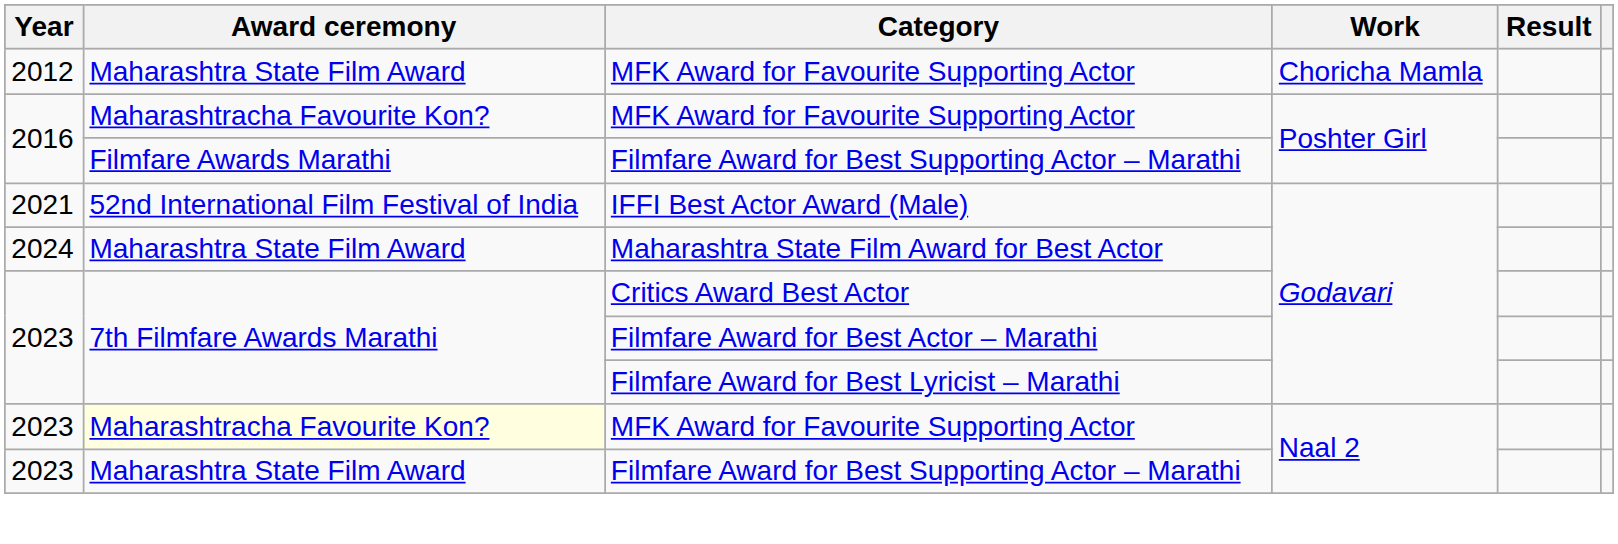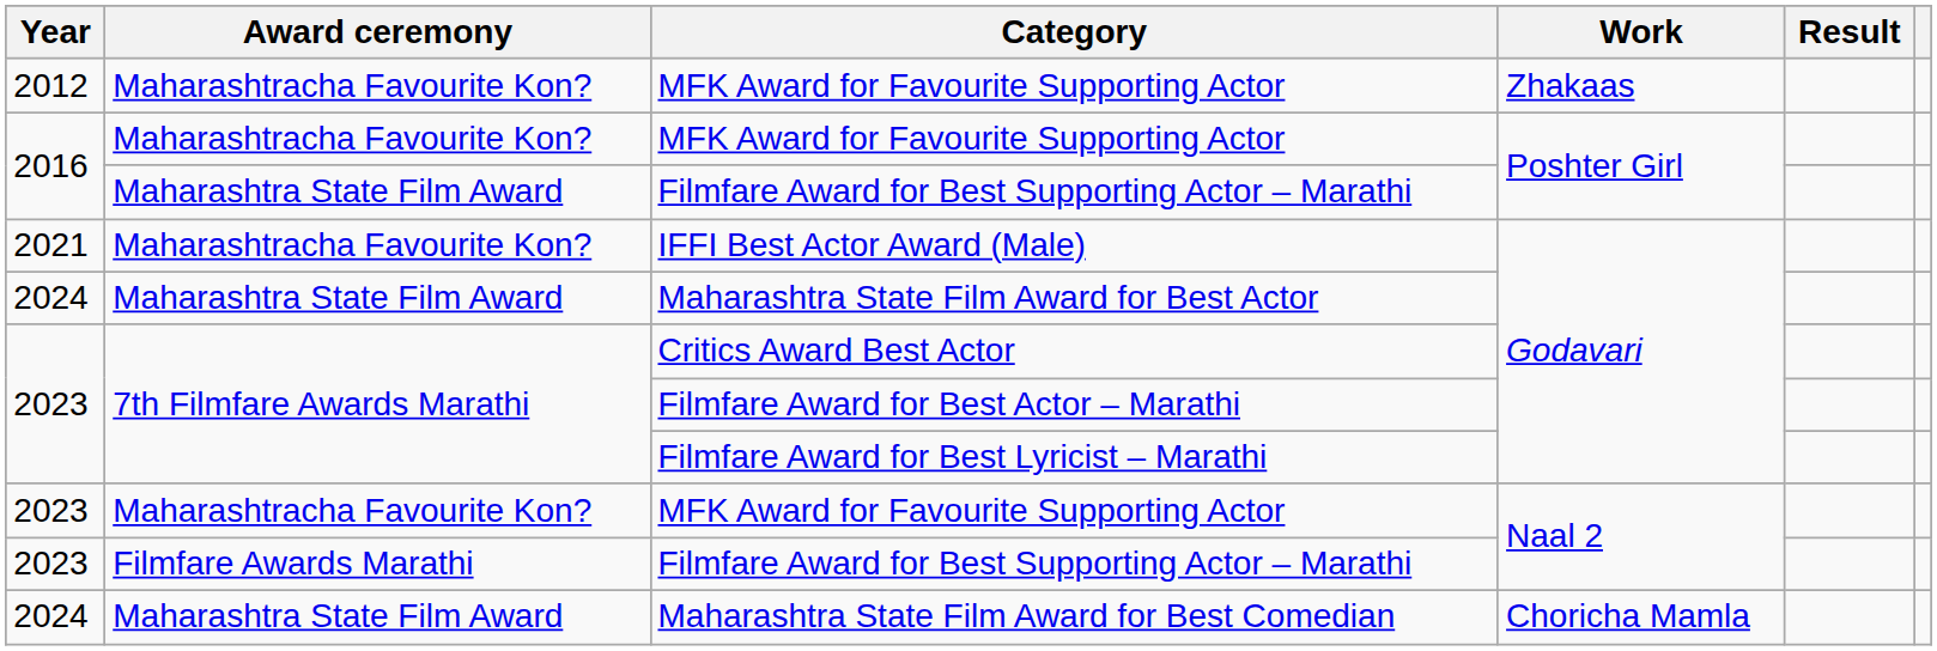 <table class="wikitable sortable plainrowheaders" style="width: 72.8%">
 <tr style="background:#ccc; text-align:center;">
 <th scope="col">Year</th>
 <th scope="col">Award ceremony</th>
 <th scope="col">Category</th>
 <th scope="col">Work</th>
 <th scope="col">Result</th>
 <th scope="col" class="unsortable"></th>
 </tr>
 <tr>
 <td>2012</td>
-<td><a href='#'>Maharashtra State Film Award</a></td>
+<td><a href='#'>Maharashtracha Favourite Kon?</a></td>
 <td><a href='#'>MFK Award for Favourite Supporting Actor</a></td>
-<td><a href='#'>Choricha Mamla</a></td>
+<td><a href='#'>Zhakaas</a></td>
 <td></td>
 <td></td>
 </tr>
 <tr>
 <td Rowspan ="2">2016</td>
 <td><a href='#'>Maharashtracha Favourite Kon?</a></td>
 <td><a href='#'>MFK Award for Favourite Supporting Actor</a></td>
 <td Rowspan="2"><a href='#'>Poshter Girl</a></td>
 <td></td>
 <td></td>
 </tr>
 <tr>
-<td><a href='#'>Filmfare Awards Marathi</a></td>
+<td><a href='#'>Maharashtra State Film Award</a></td>
 <td><a href='#'>Filmfare Award for Best Supporting Actor – Marathi</a></td>
 <td></td>
 <td></td>
 </tr>
 <tr>
 <td>2021</td>
-<td><a href='#'>52nd International Film Festival of India</a></td>
+<td><a href='#'>Maharashtracha Favourite Kon?</a></td>
 <td><a href='#'>IFFI Best Actor Award (Male)</a></td>
 <td Rowspan="5"><em><a href='#'>Godavari</a></em></td>
 <td></td>
 <td></td>
 </tr>
 <tr>
 <td>2024</td>
 <td><a href='#'>Maharashtra State Film Award</a></td>
 <td><a href='#'>Maharashtra State Film Award for Best Actor</a></td>
 <td></td>
 <td></td>
 </tr>
 <tr>
 <td Rowspan="3">2023</td>
 <td Rowspan="3"><a href='#'>7th Filmfare Awards Marathi</a></td>
 <td><a href='#'>Critics Award Best Actor</a></td>
 <td></td>
 <td style="text-align:center"></td>
 </tr>
 <tr>
 <td><a href='#'>Filmfare Award for Best Actor – Marathi</a></td>
 <td></td>
 <td></td>
 </tr>
 <tr>
 <td><a href='#'>Filmfare Award for Best Lyricist – Marathi</a></td>
 <td></td>
 <td></td>
 </tr>
 <tr>
 <td>2023</td>
-<td style="background: lightyellow;"><a href='#'>Maharashtracha Favourite Kon?</a></td>
+<td><a href='#'>Maharashtracha Favourite Kon?</a></td>
 <td><a href='#'>MFK Award for Favourite Supporting Actor</a></td>
 <td Rowspan="2"><a href='#'>Naal 2</a></td>
 <td></td>
 <td></td>
 </tr>
 <tr>
 <td>2023</td>
-<td><a href='#'>Maharashtra State Film Award</a></td>
+<td><a href='#'>Filmfare Awards Marathi</a></td>
 <td><a href='#'>Filmfare Award for Best Supporting Actor – Marathi</a></td>
 <td></td>
 <td></td>
 </tr>
+<tr>
+<td>2024</td>
+<td><a href='#'>Maharashtra State Film Award</a></td>
+<td><a href='#'>Maharashtra State Film Award for Best Comedian</a></td>
+<td><a href='#'>Choricha Mamla</a></td>
+<td></td>
+<td></td>
+</tr>
 </table>
